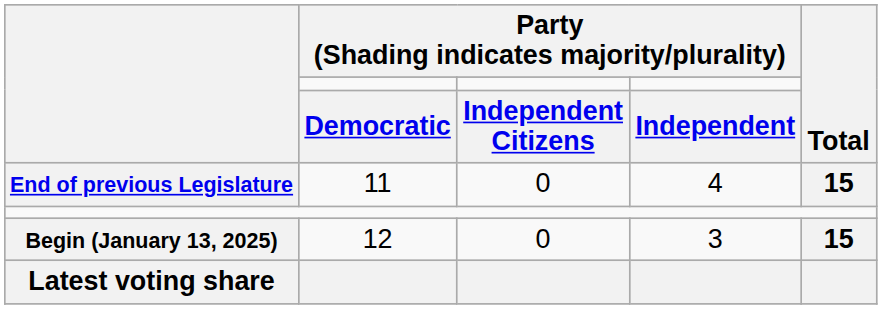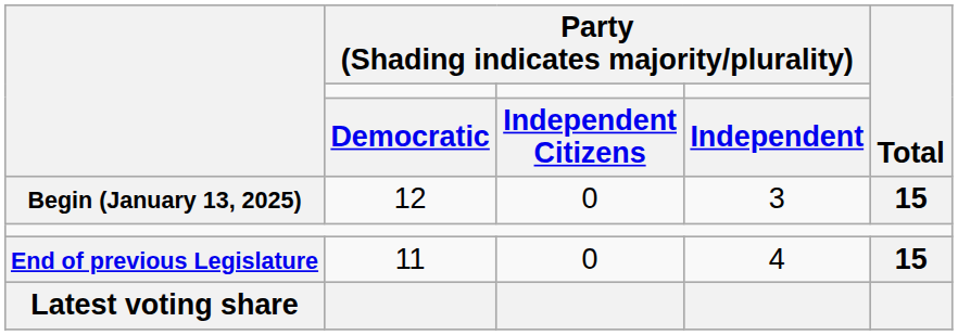 <table class=wikitable style="text-align:center">
 <tr style="vertical-align:bottom;">
 <th rowspan=3></th>
 <th colspan=3>Party <div>(Shading indicates majority/plurality)</div></th>
 <th rowspan=3>Total</th>
 </tr>
 <tr style="height:5px">
 <td style="background-color:"></td>
 <td style="background-color:"></td>
 <td style="background-color:"></td>
 </tr>
 <tr>
 <th><a href='#'>Democratic</a></th>
 <th><a href='#'>Independent<br>Citizens</a></th>
 <th><a href='#'>Independent</a></th>
 </tr>
 <tr>
-<th nowrap style="font-size:80%"><a href='#'>End of previous Legislature</a></th>
-<td>11</td>
+<th nowrap style="font-size:80%">Begin (January 13, 2025)</th>
+<td>12</td>
 <td>0</td>
-<td>4</td>
+<td>3</td>
 <th>15</th>
 </tr>
 <tr>
 <td colspan=5></td>
 </tr>
 <tr>
-<th nowrap style="font-size:80%">Begin (January 13, 2025)</th>
-<td>12</td>
+<th nowrap style="font-size:80%"><a href='#'>End of previous Legislature</a></th>
+<td>11</td>
 <td>0</td>
-<td>3</td>
+<td>4</td>
 <th>15</th>
 </tr>
 <tr>
 <th>Latest voting share</th>
 <th></th>
 <th></th>
 <th></th>
 <th></th>
 </tr>
 </table>
